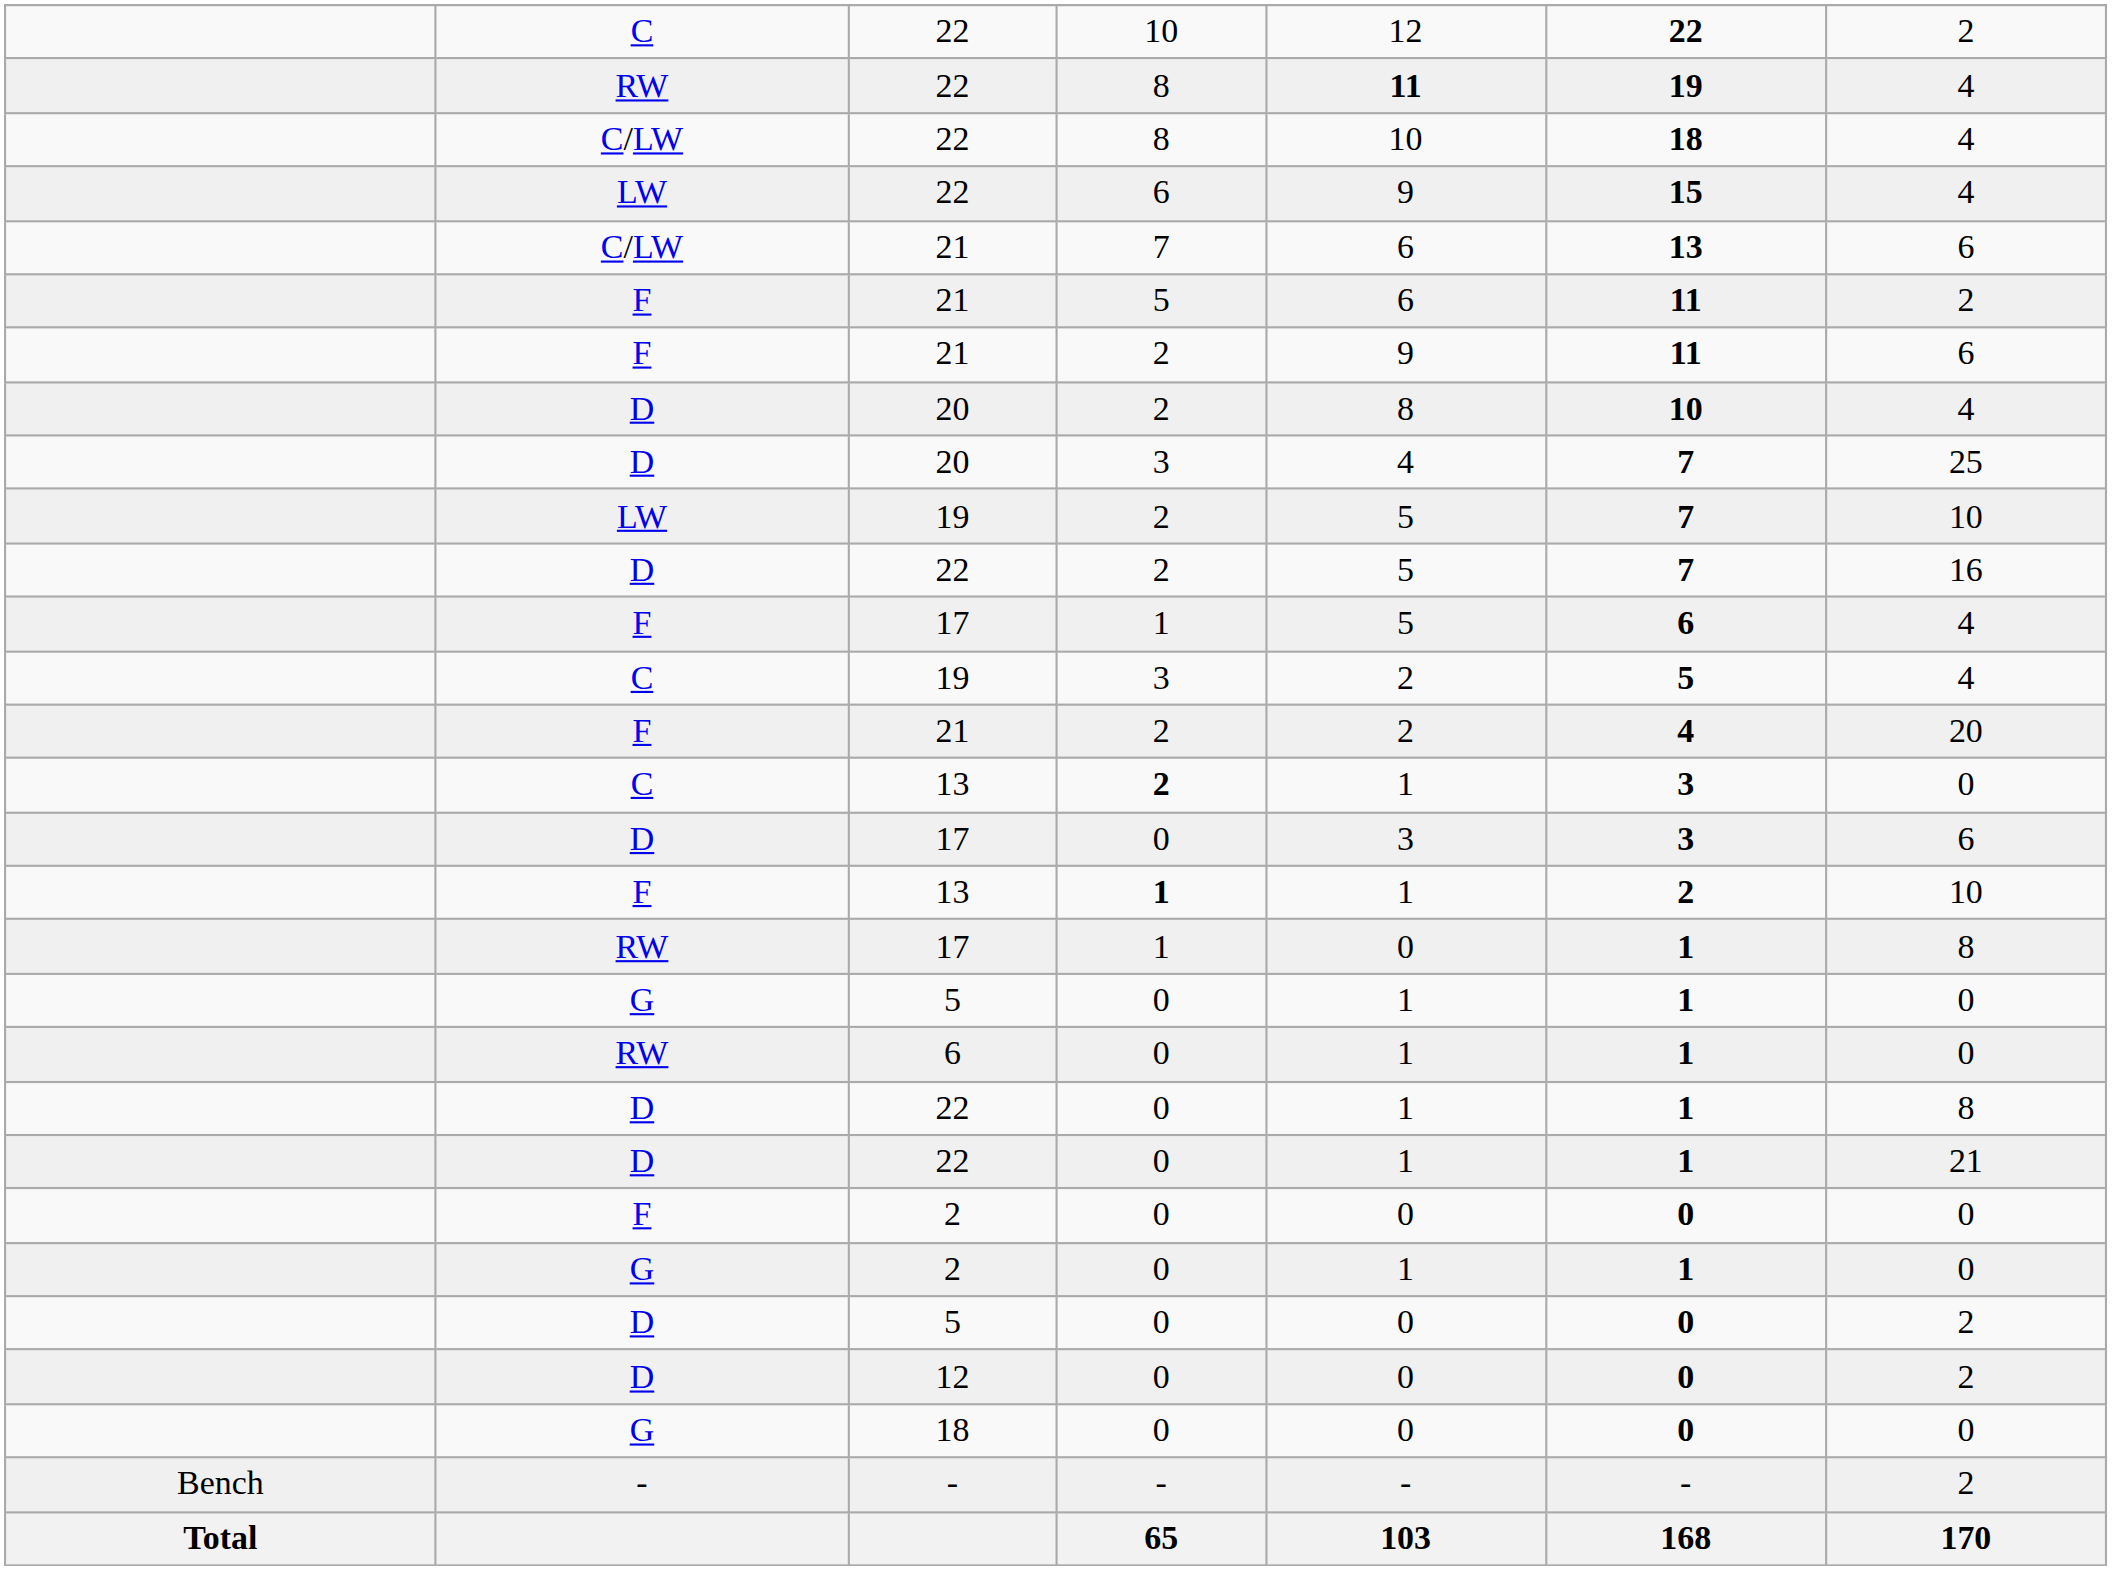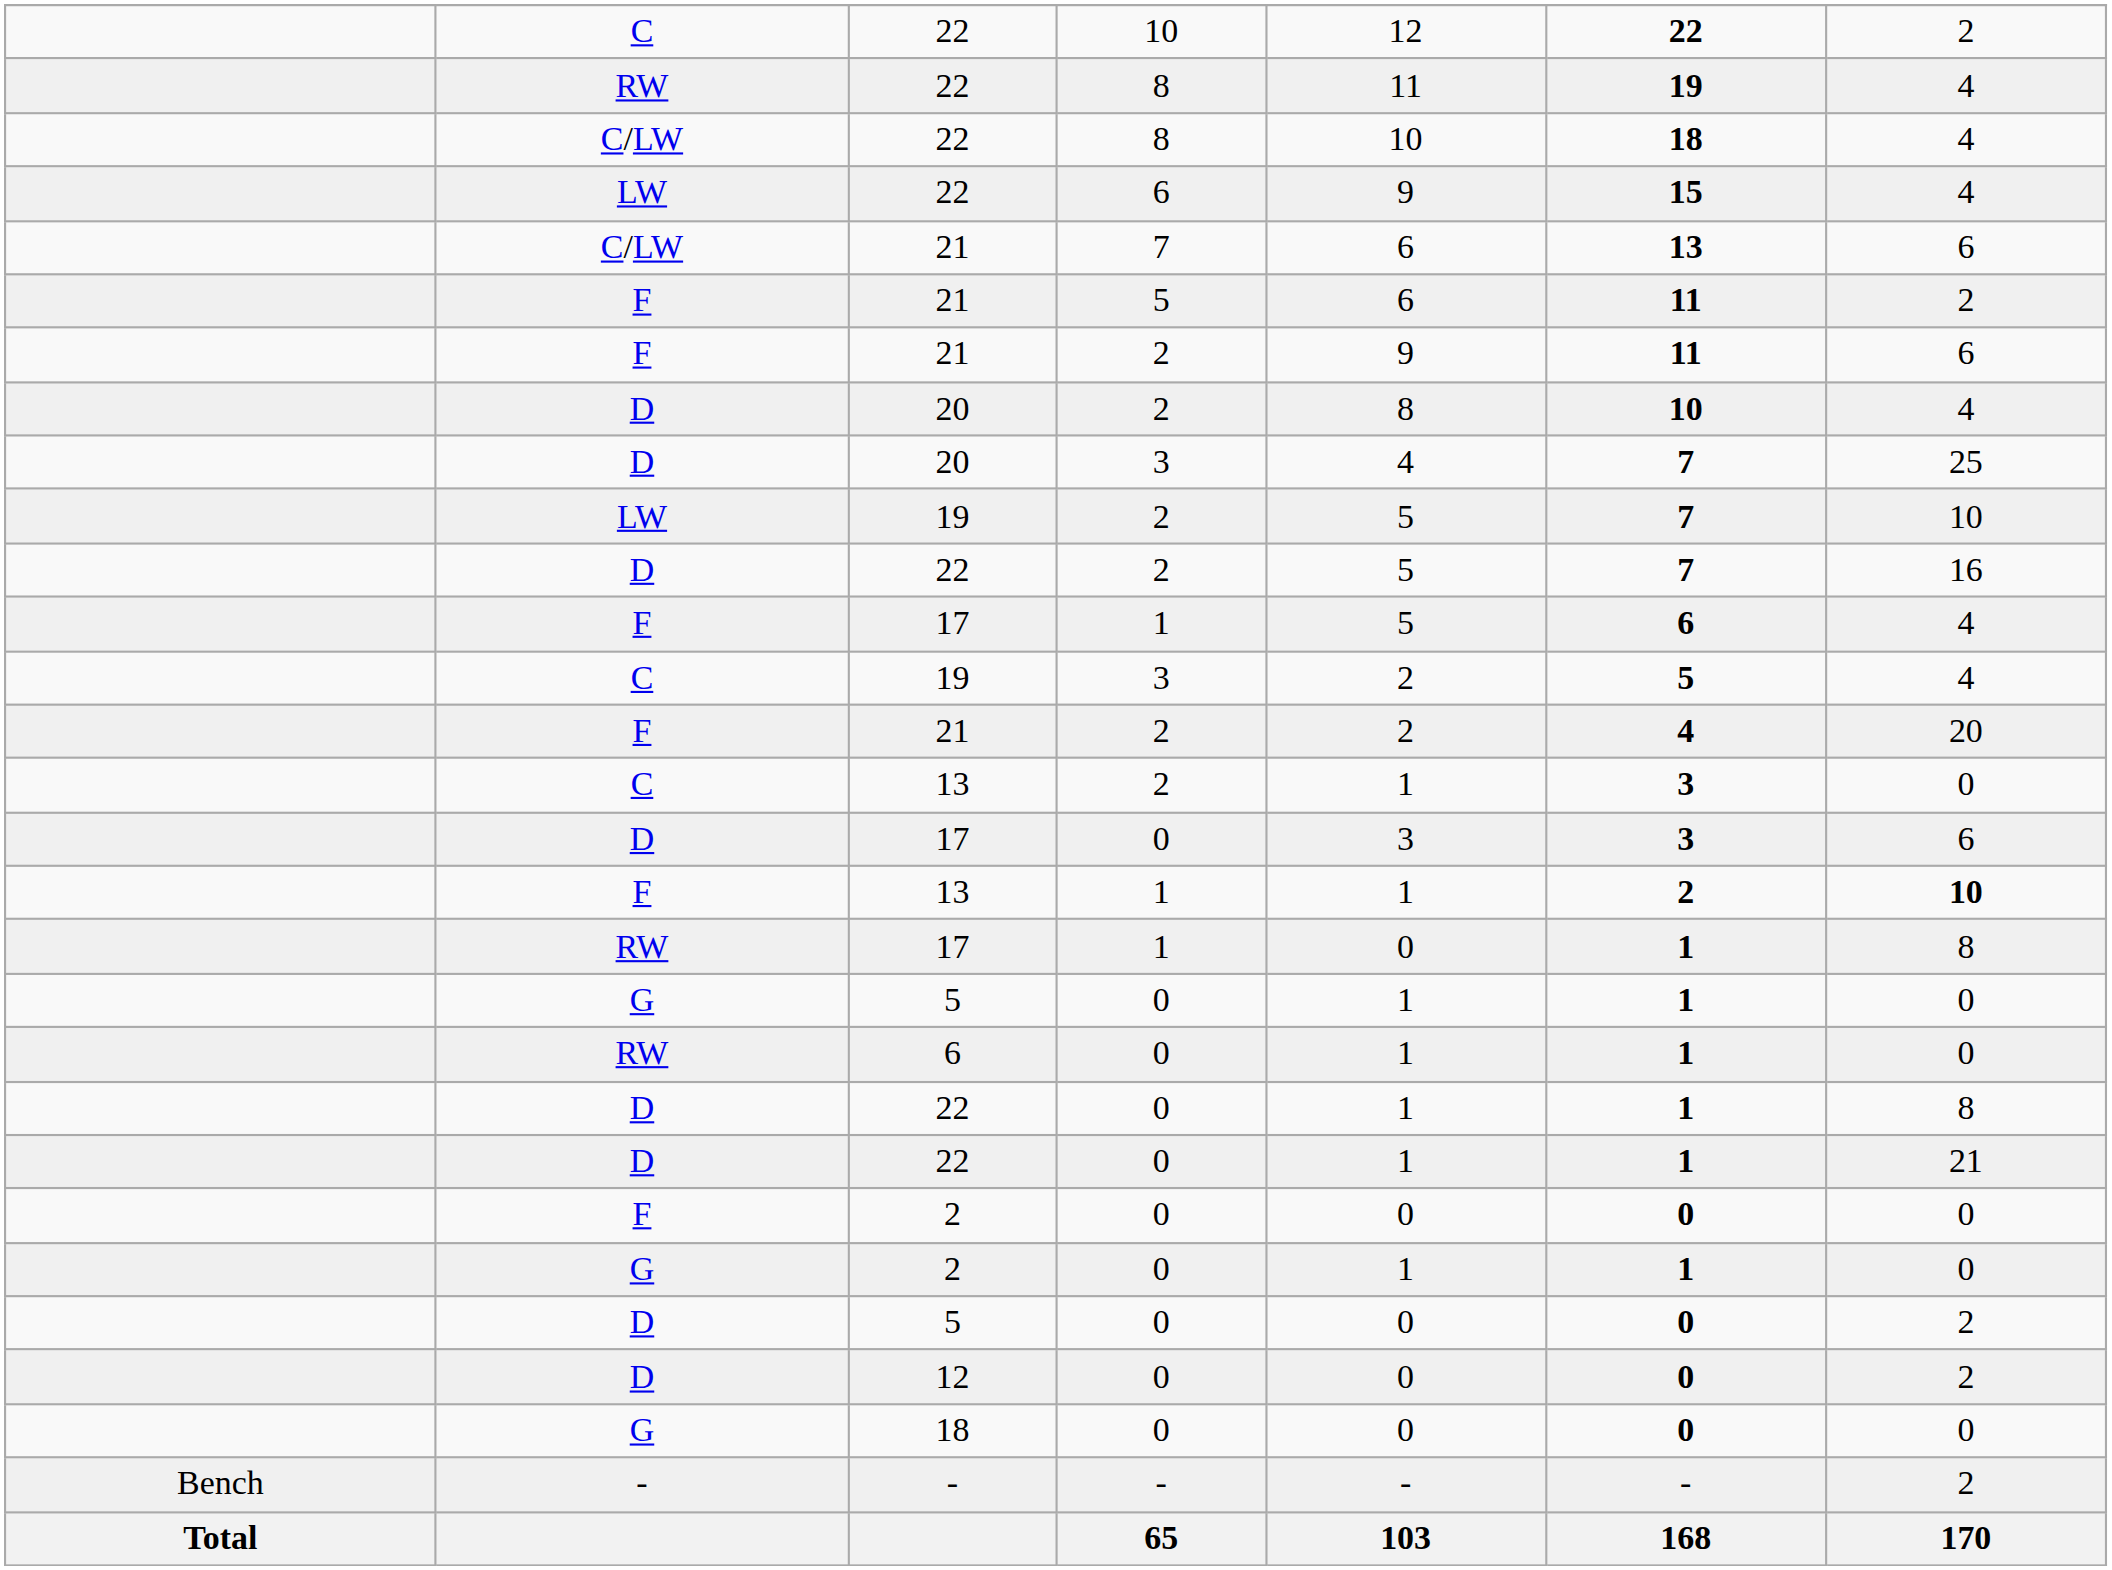 <table class="wikitable sortable" width ="50%">
 <tr align="center">
 </tr>
 <tr align="center" bgcolor="">
 <td></td>
 <td><a href='#'>C</a></td>
 <td>22</td>
 <td>10</td>
 <td>12</td>
 <td><strong>22</strong></td>
 <td>2</td>
 </tr>
 <tr align="center" bgcolor="f0f0f0">
 <td></td>
 <td><a href='#'>RW</a></td>
 <td>22</td>
 <td>8</td>
-<td><strong>11</strong></td>
+<td>11</td>
 <td><strong>19</strong></td>
 <td>4</td>
 </tr>
 <tr align="center" bgcolor="">
 <td></td>
 <td><a href='#'>C</a>/<a href='#'>LW</a></td>
 <td>22</td>
 <td>8</td>
 <td>10</td>
 <td><strong>18</strong></td>
 <td>4</td>
 </tr>
 <tr align="center" bgcolor="f0f0f0">
 <td></td>
 <td><a href='#'>LW</a></td>
 <td>22</td>
 <td>6</td>
 <td>9</td>
 <td><strong>15</strong></td>
 <td>4</td>
 </tr>
 <tr align="center" bgcolor="">
 <td></td>
 <td><a href='#'>C</a>/<a href='#'>LW</a></td>
 <td>21</td>
 <td>7</td>
 <td>6</td>
 <td><strong>13</strong></td>
 <td>6</td>
 </tr>
 <tr align="center" bgcolor="f0f0f0">
 <td></td>
 <td><a href='#'>F</a></td>
 <td>21</td>
 <td>5</td>
 <td>6</td>
 <td><strong>11</strong></td>
 <td>2</td>
 </tr>
 <tr align="center" bgcolor="">
 <td></td>
 <td><a href='#'>F</a></td>
 <td>21</td>
 <td>2</td>
 <td>9</td>
 <td><strong>11</strong></td>
 <td>6</td>
 </tr>
 <tr align="center" bgcolor="f0f0f0">
 <td></td>
 <td><a href='#'>D</a></td>
 <td>20</td>
 <td>2</td>
 <td>8</td>
 <td><strong>10</strong></td>
 <td>4</td>
 </tr>
 <tr align="center" bgcolor="">
 <td></td>
 <td><a href='#'>D</a></td>
 <td>20</td>
 <td>3</td>
 <td>4</td>
 <td><strong>7</strong></td>
 <td>25</td>
 </tr>
 <tr align="center" bgcolor="f0f0f0">
 <td></td>
 <td><a href='#'>LW</a></td>
 <td>19</td>
 <td>2</td>
 <td>5</td>
 <td><strong>7</strong></td>
 <td>10</td>
 </tr>
 <tr align="center" bgcolor="">
 <td></td>
 <td><a href='#'>D</a></td>
 <td>22</td>
 <td>2</td>
 <td>5</td>
 <td><strong>7</strong></td>
 <td>16</td>
 </tr>
 <tr align="center" bgcolor="f0f0f0">
 <td></td>
 <td><a href='#'>F</a></td>
 <td>17</td>
 <td>1</td>
 <td>5</td>
 <td><strong>6</strong></td>
 <td>4</td>
 </tr>
 <tr align="center" bgcolor="">
 <td></td>
 <td><a href='#'>C</a></td>
 <td>19</td>
 <td>3</td>
 <td>2</td>
 <td><strong>5</strong></td>
 <td>4</td>
 </tr>
 <tr align="center" bgcolor="f0f0f0">
 <td></td>
 <td><a href='#'>F</a></td>
 <td>21</td>
 <td>2</td>
 <td>2</td>
 <td><strong>4</strong></td>
 <td>20</td>
 </tr>
 <tr align="center" bgcolor="">
 <td></td>
 <td><a href='#'>C</a></td>
 <td>13</td>
-<td><strong>2</strong></td>
+<td>2</td>
 <td>1</td>
 <td><strong>3</strong></td>
 <td>0</td>
 </tr>
 <tr align="center" bgcolor="f0f0f0">
 <td></td>
 <td><a href='#'>D</a></td>
 <td>17</td>
 <td>0</td>
 <td>3</td>
 <td><strong>3</strong></td>
 <td>6</td>
 </tr>
 <tr align="center" bgcolor="">
 <td></td>
 <td><a href='#'>F</a></td>
 <td>13</td>
-<td><strong>1</strong></td>
+<td>1</td>
 <td>1</td>
 <td><strong>2</strong></td>
-<td>10</td>
+<td><strong>10</strong></td>
 </tr>
 <tr align="center" bgcolor="f0f0f0">
 <td></td>
 <td><a href='#'>RW</a></td>
 <td>17</td>
 <td>1</td>
 <td>0</td>
 <td><strong>1</strong></td>
 <td>8</td>
 </tr>
 <tr align="center" bgcolor="">
 <td></td>
 <td><a href='#'>G</a></td>
 <td>5</td>
 <td>0</td>
 <td>1</td>
 <td><strong>1</strong></td>
 <td>0</td>
 </tr>
 <tr align="center" bgcolor="f0f0f0">
 <td></td>
 <td><a href='#'>RW</a></td>
 <td>6</td>
 <td>0</td>
 <td>1</td>
 <td><strong>1</strong></td>
 <td>0</td>
 </tr>
 <tr align="center" bgcolor="">
 <td></td>
 <td><a href='#'>D</a></td>
 <td>22</td>
 <td>0</td>
 <td>1</td>
 <td><strong>1</strong></td>
 <td>8</td>
 </tr>
 <tr align="center" bgcolor="f0f0f0">
 <td></td>
 <td><a href='#'>D</a></td>
 <td>22</td>
 <td>0</td>
 <td>1</td>
 <td><strong>1</strong></td>
 <td>21</td>
 </tr>
 <tr align="center" bgcolor="">
 <td></td>
 <td><a href='#'>F</a></td>
 <td>2</td>
 <td>0</td>
 <td>0</td>
 <td><strong>0</strong></td>
 <td>0</td>
 </tr>
 <tr align="center" bgcolor="f0f0f0">
 <td></td>
 <td><a href='#'>G</a></td>
 <td>2</td>
 <td>0</td>
 <td>1</td>
 <td><strong>1</strong></td>
 <td>0</td>
 </tr>
 <tr align="center" bgcolor="">
 <td></td>
 <td><a href='#'>D</a></td>
 <td>5</td>
 <td>0</td>
 <td>0</td>
 <td><strong>0</strong></td>
 <td>2</td>
 </tr>
 <tr align="center" bgcolor="f0f0f0">
 <td></td>
 <td><a href='#'>D</a></td>
 <td>12</td>
 <td>0</td>
 <td>0</td>
 <td><strong>0</strong></td>
 <td>2</td>
 </tr>
 <tr align="center" bgcolor="">
 <td></td>
 <td><a href='#'>G</a></td>
 <td>18</td>
 <td>0</td>
 <td>0</td>
 <td><strong>0</strong></td>
 <td>0</td>
 </tr>
 <tr align="center" bgcolor="f0f0f0">
 <td>Bench</td>
 <td>-</td>
 <td>-</td>
 <td>-</td>
 <td>-</td>
 <td>-</td>
 <td>2</td>
 </tr>
 <tr>
 <th>Total</th>
 <th></th>
 <th></th>
 <th>65</th>
 <th>103</th>
 <th>168</th>
 <th>170</th>
 </tr>
 </table>
